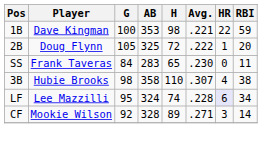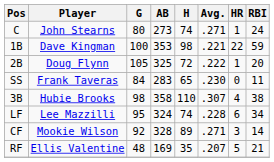 <table class="wikitable sortable">
 <tr>
 <th>Pos</th>
 <th>Player</th>
 <th>G</th>
 <th>AB</th>
 <th>H</th>
 <th>Avg.</th>
 <th>HR</th>
 <th>RBI</th>
+</tr>
+<tr align="center">
+<td>C</td>
+<td><a href='#'>John Stearns</a></td>
+<td>80</td>
+<td>273</td>
+<td>74</td>
+<td>.271</td>
+<td>1</td>
+<td>24</td>
 </tr>
 <tr align=center>
 <td>1B</td>
 <td><a href='#'>Dave Kingman</a></td>
 <td>100</td>
 <td>353</td>
 <td>98</td>
 <td>.221</td>
 <td>22</td>
 <td>59</td>
 </tr>
 <tr align=center>
 <td>2B</td>
 <td><a href='#'>Doug Flynn</a></td>
 <td>105</td>
 <td>325</td>
 <td>72</td>
 <td>.222</td>
 <td>1</td>
 <td>20</td>
 </tr>
 <tr align=center>
 <td>SS</td>
 <td><a href='#'>Frank Taveras</a></td>
 <td>84</td>
 <td>283</td>
 <td>65</td>
 <td>.230</td>
 <td>0</td>
 <td>11</td>
 </tr>
 <tr align=center>
 <td>3B</td>
 <td><a href='#'>Hubie Brooks</a></td>
 <td>98</td>
 <td>358</td>
 <td>110</td>
 <td>.307</td>
 <td>4</td>
 <td>38</td>
 </tr>
 <tr align=center>
 <td>LF</td>
 <td><a href='#'>Lee Mazzilli</a></td>
 <td>95</td>
 <td>324</td>
 <td>74</td>
 <td>.228</td>
-<td style="background: lavender;">6</td>
+<td>6</td>
 <td>34</td>
 </tr>
 <tr align=center>
 <td>CF</td>
 <td><a href='#'>Mookie Wilson</a></td>
 <td>92</td>
 <td>328</td>
 <td>89</td>
 <td>.271</td>
 <td>3</td>
 <td>14</td>
 </tr>
+<tr align=center>
+<td>RF</td>
+<td><a href='#'>Ellis Valentine</a></td>
+<td>48</td>
+<td>169</td>
+<td>35</td>
+<td>.207</td>
+<td>5</td>
+<td>21</td>
+</tr>
 <tr align="center">
 </tr>
 </table>
